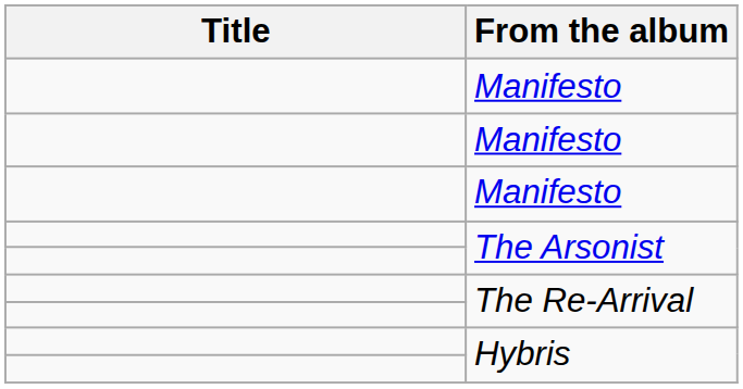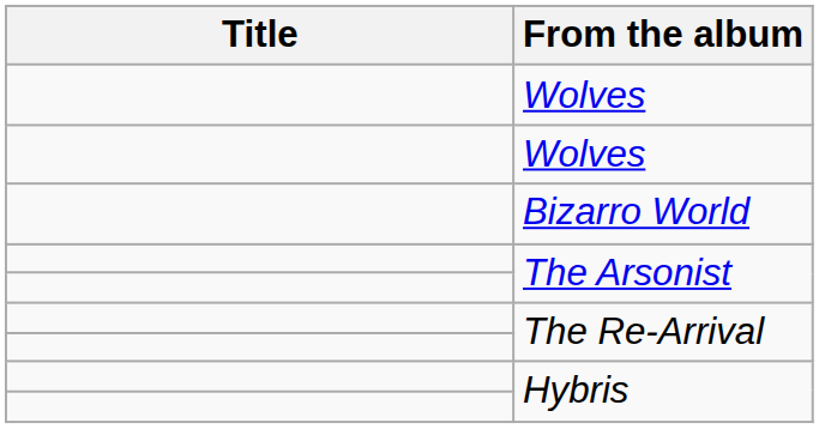 <table class="wikitable">
 <tr>
 <th style="width:210px;">Title</th>
 <th>From the album</th>
 </tr>
 <tr>
 <td></td>
-<td><em><a href='#'>Manifesto</a></em></td>
+<td><em><a href='#'>Wolves</a></em></td>
 </tr>
 <tr>
 <td></td>
-<td><em><a href='#'>Manifesto</a></em></td>
+<td><em><a href='#'>Wolves</a></em></td>
 </tr>
 <tr>
 <td></td>
-<td><em><a href='#'>Manifesto</a></em></td>
+<td><em><a href='#'>Bizarro World</a></em></td>
 </tr>
 <tr>
 <td></td>
 <td rowspan="2"><em><a href='#'>The Arsonist</a></em></td>
 </tr>
 <tr>
 <td></td>
 </tr>
 <tr>
 <td></td>
 <td rowspan="2"><em>The Re-Arrival</em></td>
 </tr>
 <tr>
 <td></td>
 </tr>
 <tr>
 <td></td>
 <td rowspan="2"><em>Hybris</em></td>
 </tr>
 <tr>
 <td></td>
 </tr>
 </table>
